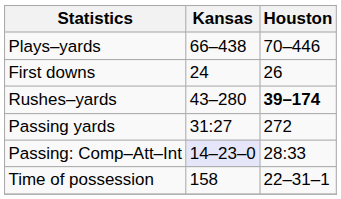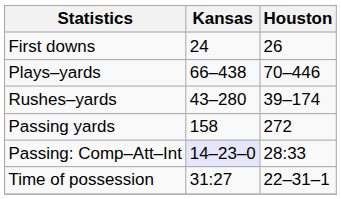 <table class="wikitable" style="float: left;">
 <tr>
 <th>Statistics</th>
 <th>Kansas</th>
 <th>Houston</th>
 </tr>
 <tr>
+<td>First downs</td>
+<td>24</td>
+<td>26</td>
+</tr>
+<tr>
 <td>Plays–yards</td>
 <td>66–438</td>
 <td>70–446</td>
 </tr>
 <tr>
-<td>First downs</td>
-<td>24</td>
-<td>26</td>
-</tr>
-<tr>
 <td>Rushes–yards</td>
 <td>43–280</td>
-<td><strong>39–174</strong></td>
+<td>39–174</td>
 </tr>
 <tr>
 <td>Passing yards</td>
-<td>31:27</td>
+<td>158</td>
 <td>272</td>
 </tr>
 <tr>
 <td>Passing: Comp–Att–Int</td>
 <td style="background: lavender;">14–23–0</td>
 <td>28:33</td>
 </tr>
 <tr>
 <td>Time of possession</td>
-<td>158</td>
+<td>31:27</td>
 <td>22–31–1</td>
 </tr>
 <tr>
 </tr>
 </table>
